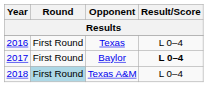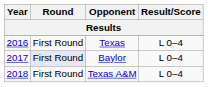 <table class="wikitable">
 <tr>
 <th>Year</th>
 <th>Round</th>
 <th>Opponent</th>
 <th>Result/Score</th>
 </tr>
 <tr>
 <th colspan=4>Results</th>
 </tr>
 <tr>
 </tr>
 <tr align="center">
 <td><a href='#'>2016</a></td>
 <td>First Round</td>
 <td><a href='#'>Texas</a></td>
 <td>L 0–4</td>
 </tr>
 <tr align="center">
 <td><a href='#'>2017</a></td>
-<td>First Round</td>
+<td style="background: lavender;">First Round</td>
 <td><a href='#'>Baylor</a></td>
-<td><strong>L 0–4</strong></td>
+<td>L 0–4</td>
 </tr>
 <tr align="center">
 <td><a href='#'>2018</a></td>
-<td style="background: lightblue;">First Round</td>
+<td>First Round</td>
 <td><a href='#'>Texas A&M</a></td>
 <td>L 0–4</td>
 </tr>
 </table>
